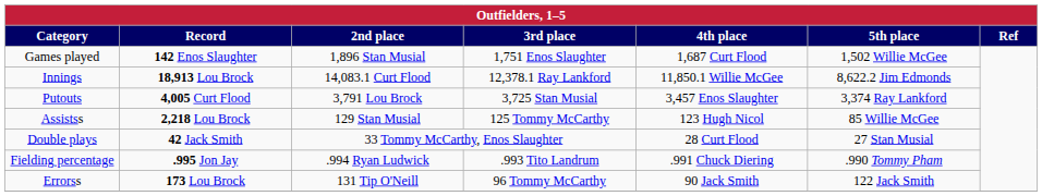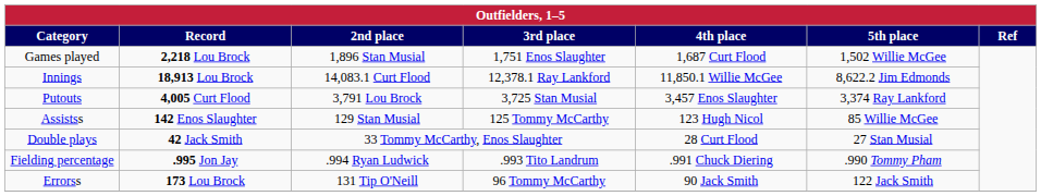 <table class="wikitable" style="text-align:center; width:100%">
 <tr>
 <th colspan=7 style="background:#C41E3A;color:#FFFFFF;">Outfielders, 1–5</th>
 </tr>
 <tr>
 <th scope="col" width=10% style="background:#000066;color:#FFFFFF;">Category</th>
 <th scope="col" width=15% style="background:#000066;color:#FFFFFF;">Record</th>
 <th scope="col" width=15% style="background:#000066;color:#FFFFFF;">2nd place</th>
 <th scope="col" width=15% style="background:#000066;color:#FFFFFF;">3rd place</th>
 <th scope="col" width=15% style="background:#000066;color:#FFFFFF;">4th place</th>
 <th scope="col" width=15% style="background:#000066;color:#FFFFFF;">5th place</th>
 <th scope="col" width=5% style="background:#000066;color:#FFFFFF;">Ref</th>
 </tr>
 <tr>
 <td>Games played</td>
-<td><strong>142</strong> <a href='#'>Enos Slaughter</a></td>
+<td><strong>2,218</strong> <a href='#'>Lou Brock</a></td>
 <td>1,896 <a href='#'>Stan Musial</a></td>
 <td>1,751 <a href='#'>Enos Slaughter</a></td>
 <td>1,687 <a href='#'>Curt Flood</a></td>
 <td>1,502 <a href='#'>Willie McGee</a></td>
 <td rowspan="7" style="text-align: center;"></td>
 </tr>
 <tr>
 <td><a href='#'>Innings</a></td>
 <td><strong>18,913</strong> <a href='#'>Lou Brock</a></td>
 <td>14,083.1 <a href='#'>Curt Flood</a></td>
 <td>12,378.1 <a href='#'>Ray Lankford</a></td>
 <td>11,850.1 <a href='#'>Willie McGee</a></td>
 <td>8,622.2 <a href='#'>Jim Edmonds</a></td>
 </tr>
 <tr>
 <td><a href='#'>Putouts</a></td>
 <td><strong>4,005</strong> <a href='#'>Curt Flood</a></td>
 <td>3,791 <a href='#'>Lou Brock</a></td>
 <td>3,725 <a href='#'>Stan Musial</a></td>
 <td>3,457 <a href='#'>Enos Slaughter</a></td>
 <td>3,374 <a href='#'>Ray Lankford</a></td>
 </tr>
 <tr>
 <td><a href='#'>Assists</a>s</td>
-<td><strong>2,218</strong> <a href='#'>Lou Brock</a></td>
+<td><strong>142</strong> <a href='#'>Enos Slaughter</a></td>
 <td>129 <a href='#'>Stan Musial</a></td>
 <td>125 <a href='#'>Tommy McCarthy</a></td>
 <td>123 <a href='#'>Hugh Nicol</a></td>
 <td>85 <a href='#'>Willie McGee</a></td>
 </tr>
 <tr>
 <td><a href='#'>Double plays</a></td>
 <td><strong>42</strong> <a href='#'>Jack Smith</a></td>
 <td colspan="2" style="text-align: center;">33 <a href='#'>Tommy McCarthy</a>, <a href='#'>Enos Slaughter</a></td>
 <td>28 <a href='#'>Curt Flood</a></td>
 <td>27 <a href='#'>Stan Musial</a></td>
 </tr>
 <tr>
 <td><a href='#'>Fielding percentage</a></td>
 <td><strong>.995</strong> <a href='#'>Jon Jay</a></td>
 <td>.994 <a href='#'>Ryan Ludwick</a></td>
 <td>.993 <a href='#'>Tito Landrum</a></td>
 <td>.991 <a href='#'>Chuck Diering</a></td>
 <td>.990 <em><a href='#'>Tommy Pham</a></em></td>
 </tr>
 <tr>
 <td><a href='#'>Errors</a>s</td>
 <td><strong>173</strong> <a href='#'>Lou Brock</a></td>
 <td>131 <a href='#'>Tip O'Neill</a></td>
 <td>96 <a href='#'>Tommy McCarthy</a></td>
 <td>90 <a href='#'>Jack Smith</a></td>
 <td>122 <a href='#'>Jack Smith</a></td>
 </tr>
 <tr>
 </tr>
 </table>
